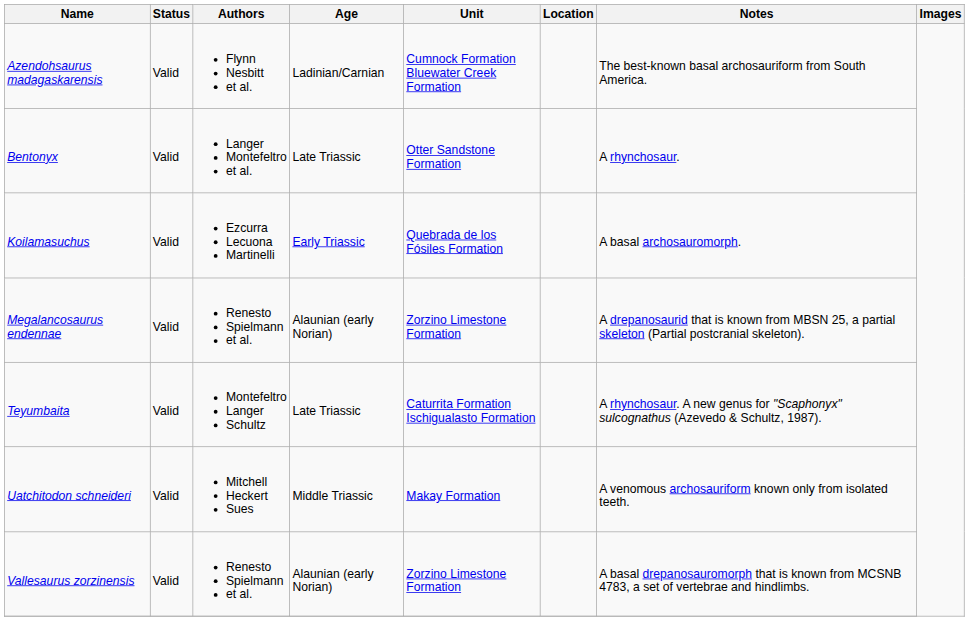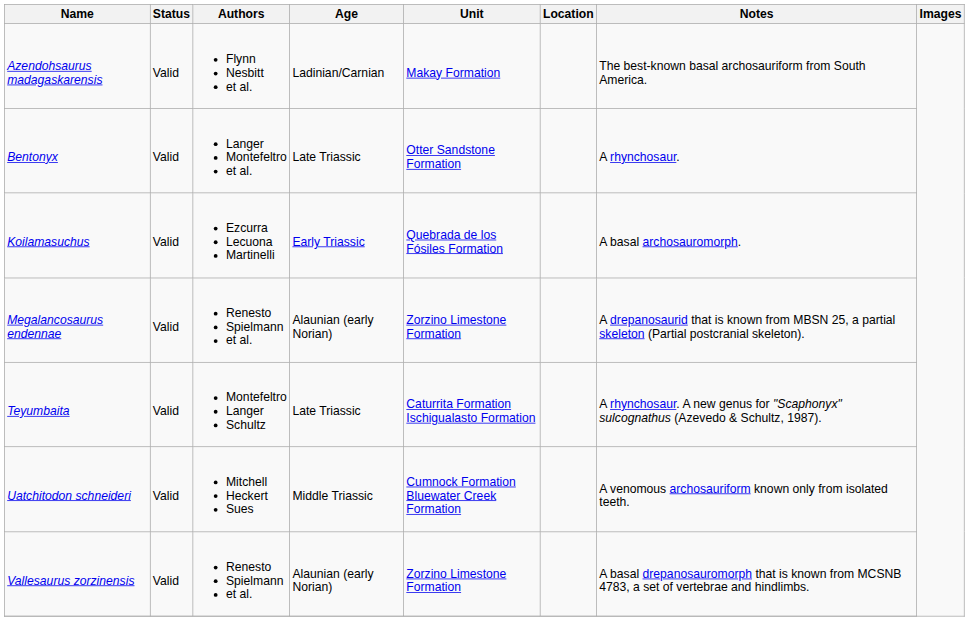 <table class="wikitable sortable" align="center" width="100%">
 <tr>
 <th>Name</th>
 <th>Status</th>
 <th>Authors</th>
 <th>Age</th>
 <th>Unit</th>
 <th>Location</th>
 <th>Notes</th>
 <th>Images</th>
 </tr>
 <tr>
 <td><br><em><a href='#'>Azendohsaurus madagaskarensis</a></em></td>
 <td><br>Valid</td>
 <td><br><ul><li>Flynn</li><li>Nesbitt</li><li>et al.</li></ul></td>
 <td><br>Ladinian/Carnian</td>
-<td><br><a href='#'>Cumnock Formation</a> <br> <a href='#'>Bluewater Creek Formation</a></td>
+<td><br><a href='#'>Makay Formation</a></td>
 <td><br></td>
 <td><br>The best-known basal archosauriform from South America.</td>
 <td rowspan="47"></td>
 </tr>
 <tr>
 <td><br><em><a href='#'>Bentonyx</a></em></td>
 <td><br>Valid</td>
 <td><br><ul><li>Langer</li><li>Montefeltro</li><li>et al.</li></ul></td>
 <td><br>Late Triassic</td>
 <td><br><a href='#'>Otter Sandstone Formation</a></td>
 <td><br></td>
 <td><br>A <a href='#'>rhynchosaur</a>.</td>
 </tr>
 <tr>
 <td><br><em><a href='#'>Koilamasuchus</a></em></td>
 <td><br>Valid</td>
 <td><br><ul><li>Ezcurra</li><li>Lecuona</li><li>Martinelli</li></ul></td>
 <td><br><a href='#'>Early Triassic</a></td>
 <td><br><a href='#'>Quebrada de los Fósiles Formation</a></td>
 <td><br></td>
 <td><br>A basal <a href='#'>archosauromorph</a>.</td>
 </tr>
 <tr>
 <td><br><em><a href='#'>Megalancosaurus endennae</a></em></td>
 <td><br>Valid</td>
 <td><br><ul><li>Renesto</li><li>Spielmann</li><li>et al.</li></ul></td>
 <td><br>Alaunian (early Norian)</td>
 <td><br><a href='#'>Zorzino Limestone Formation</a></td>
 <td><br></td>
 <td><br>A <a href='#'>drepanosaurid</a> that is known from MBSN 25, a partial <a href='#'>skeleton</a> (Partial postcranial skeleton).</td>
 </tr>
 <tr>
 <td><br><em><a href='#'>Teyumbaita</a></em></td>
 <td><br>Valid</td>
 <td><br><ul><li>Montefeltro</li><li>Langer</li><li>Schultz</li></ul></td>
 <td><br>Late Triassic</td>
 <td><br><a href='#'>Caturrita Formation</a><br> <a href='#'>Ischigualasto Formation</a></td>
 <td><br><br> </td>
 <td><br>A <a href='#'>rhynchosaur</a>. A new genus for <em>"Scaphonyx" sulcognathus</em> (Azevedo & Schultz, 1987).</td>
 </tr>
 <tr>
 <td><br><em><a href='#'>Uatchitodon schneideri</a></em></td>
 <td><br>Valid</td>
 <td><br><ul><li>Mitchell</li><li>Heckert</li><li>Sues</li></ul></td>
 <td><br>Middle Triassic</td>
-<td><br><a href='#'>Makay Formation</a></td>
+<td><br><a href='#'>Cumnock Formation</a> <br> <a href='#'>Bluewater Creek Formation</a></td>
 <td><br></td>
 <td><br>A venomous <a href='#'>archosauriform</a> known only from isolated teeth.</td>
 </tr>
 <tr>
 <td><br><em><a href='#'>Vallesaurus zorzinensis</a></em></td>
 <td><br>Valid</td>
 <td><br><ul><li>Renesto</li><li>Spielmann</li><li>et al.</li></ul></td>
 <td><br>Alaunian (early Norian)</td>
 <td><br><a href='#'>Zorzino Limestone Formation</a></td>
 <td><br></td>
 <td><br>A basal <a href='#'>drepanosauromorph</a> that is known from MCSNB 4783, a set of vertebrae and hindlimbs.</td>
 </tr>
 <tr>
 </tr>
 </table>
